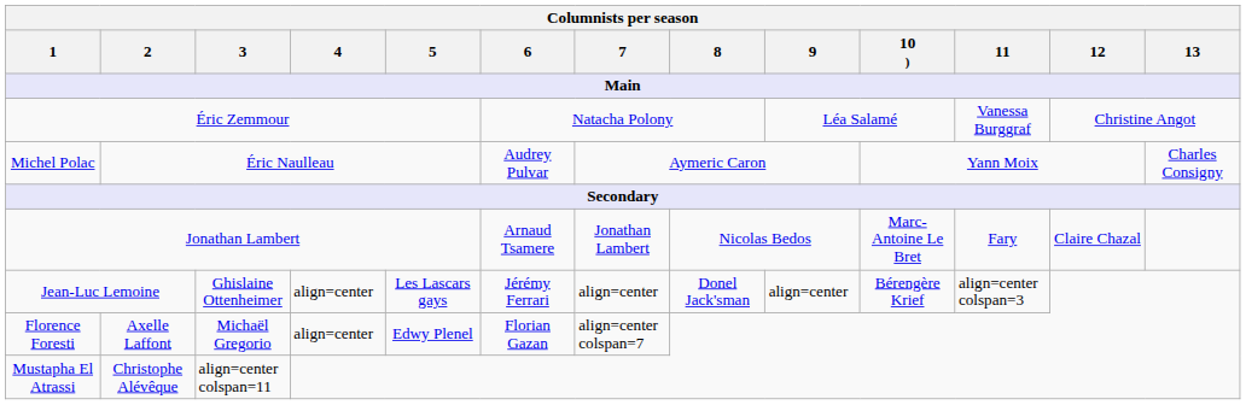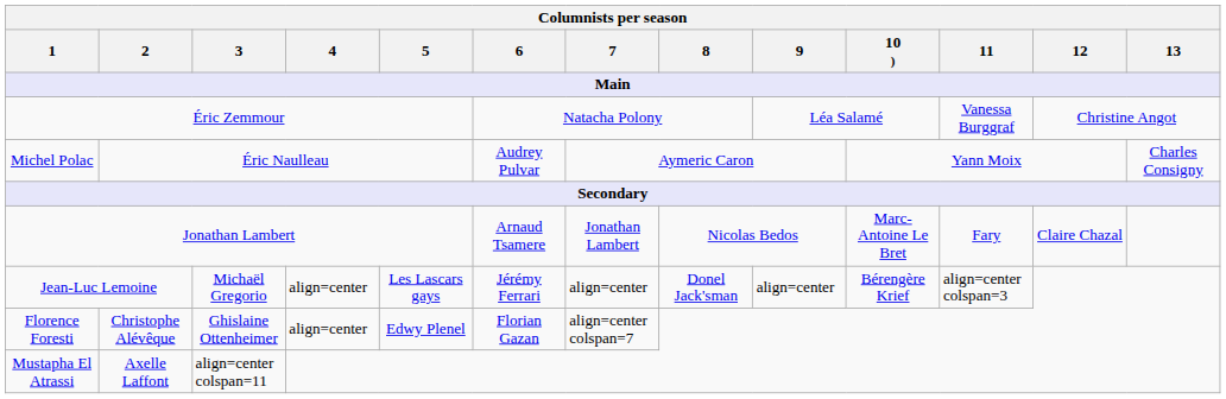 <table class="wikitable center">
 <tr>
 <th colspan="13">Columnists per season</th>
 </tr>
 <tr>
 <th width=7%>1<br><small></small></th>
 <th width=7%>2<br><small></small></th>
 <th width=7%>3<br><small></small></th>
 <th width=7%>4<br><small></small></th>
 <th width=7%>5<br><small></small></th>
 <th width=7%>6<br><small></small></th>
 <th width=7%>7<br><small></small></th>
 <th width=7%>8<br><small></small></th>
 <th width=7%>9<br><small></small></th>
 <th width=7%>10<br><small>)</small></th>
 <th width=7%>11<br><small></small></th>
 <th width=7%>12<br><small></small></th>
 <th width=7%>13<br><small></small></th>
 </tr>
 <tr>
 <th colspan="13" style="background-color:lavender;"><span>Main</span></th>
 </tr>
 <tr>
 <td align=center colspan=5><a href='#'>Éric Zemmour</a></td>
 <td align=center colspan=3><a href='#'>Natacha Polony</a></td>
 <td align=center colspan=2><a href='#'>Léa Salamé</a></td>
 <td align=center colspan=1><a href='#'>Vanessa Burggraf</a></td>
 <td align=center colspan=2><a href='#'>Christine Angot</a></td>
 </tr>
 <tr>
 <td align=center colspan=1><a href='#'>Michel Polac</a></td>
 <td align=center colspan=4><a href='#'>Éric Naulleau</a></td>
 <td align=center colspan=1><a href='#'>Audrey Pulvar</a></td>
 <td align=center colspan=3><a href='#'>Aymeric Caron</a></td>
 <td align=center colspan=3><a href='#'>Yann Moix</a></td>
 <td align=center colspan=1><a href='#'>Charles Consigny</a></td>
 </tr>
 <tr>
 <th colspan="13" style="background-color:lavender;"><span>Secondary</span></th>
 </tr>
 <tr>
 <td align=center colspan=5><a href='#'>Jonathan Lambert</a></td>
 <td align=center colspan=1><a href='#'>Arnaud Tsamere</a></td>
 <td align=center colspan=1><a href='#'>Jonathan Lambert</a></td>
 <td align=center colspan=2><a href='#'>Nicolas Bedos</a></td>
 <td align=center colspan=1><a href='#'>Marc-Antoine Le Bret</a></td>
 <td align=center colspan=1><a href='#'>Fary</a></td>
 <td align=center colspan=1><a href='#'>Claire Chazal</a></td>
 <td></td>
 </tr>
 <tr>
 <td align=center colspan=2><a href='#'>Jean-Luc Lemoine</a></td>
-<td align=center colspan=1><a href='#'>Ghislaine Ottenheimer</a></td>
+<td align=center colspan=1><a href='#'>Michaël Gregorio</a></td>
 <td>align=center </td>
 <td align=center colspan=1><a href='#'>Les Lascars gays</a></td>
 <td align=center colspan=1><a href='#'>Jérémy Ferrari</a></td>
 <td>align=center </td>
 <td align=center colspan=1><a href='#'>Donel Jack'sman</a></td>
 <td>align=center </td>
 <td align=center colspan=1><a href='#'>Bérengère Krief</a></td>
 <td>align=center colspan=3 </td>
 </tr>
 <tr>
 <td align=center colspan=1><a href='#'>Florence Foresti</a></td>
-<td align=center colspan=1><a href='#'>Axelle Laffont</a></td>
-<td align=center colspan=1><a href='#'>Michaël Gregorio</a></td>
+<td align=center colspan=1><a href='#'>Christophe Alévêque</a></td>
+<td align=center colspan=1><a href='#'>Ghislaine Ottenheimer</a></td>
 <td>align=center </td>
 <td align=center colspan=1><a href='#'>Edwy Plenel</a></td>
 <td align=center colspan=1><a href='#'>Florian Gazan</a></td>
 <td>align=center colspan=7 </td>
 </tr>
 <tr>
 <td align=center colspan=1><a href='#'>Mustapha El Atrassi</a></td>
-<td align=center colspan=1><a href='#'>Christophe Alévêque</a></td>
+<td align=center colspan=1><a href='#'>Axelle Laffont</a></td>
 <td>align=center colspan=11 </td>
 </tr>
 </table>
